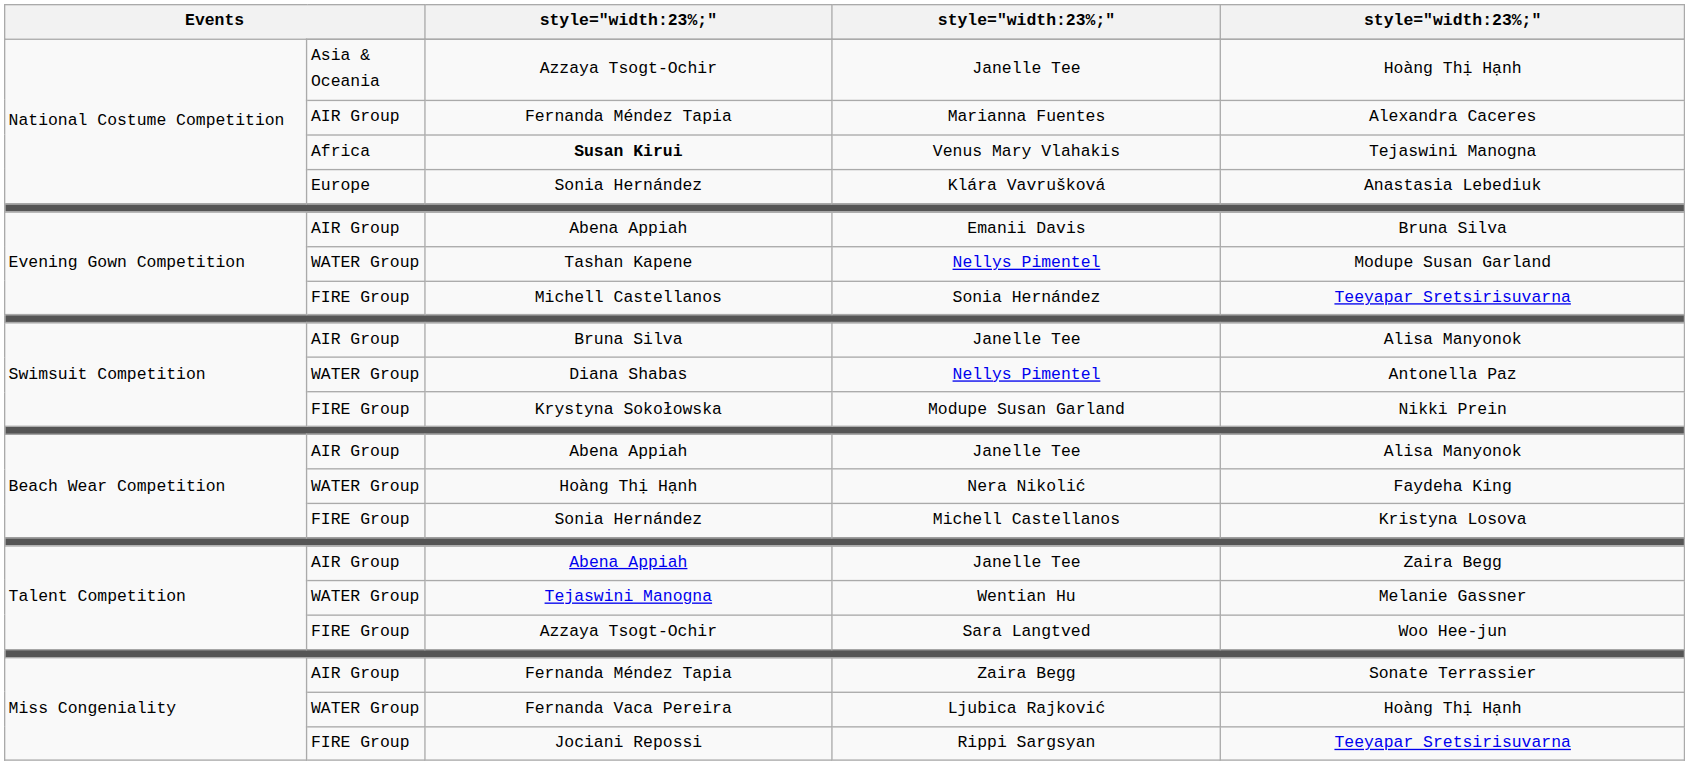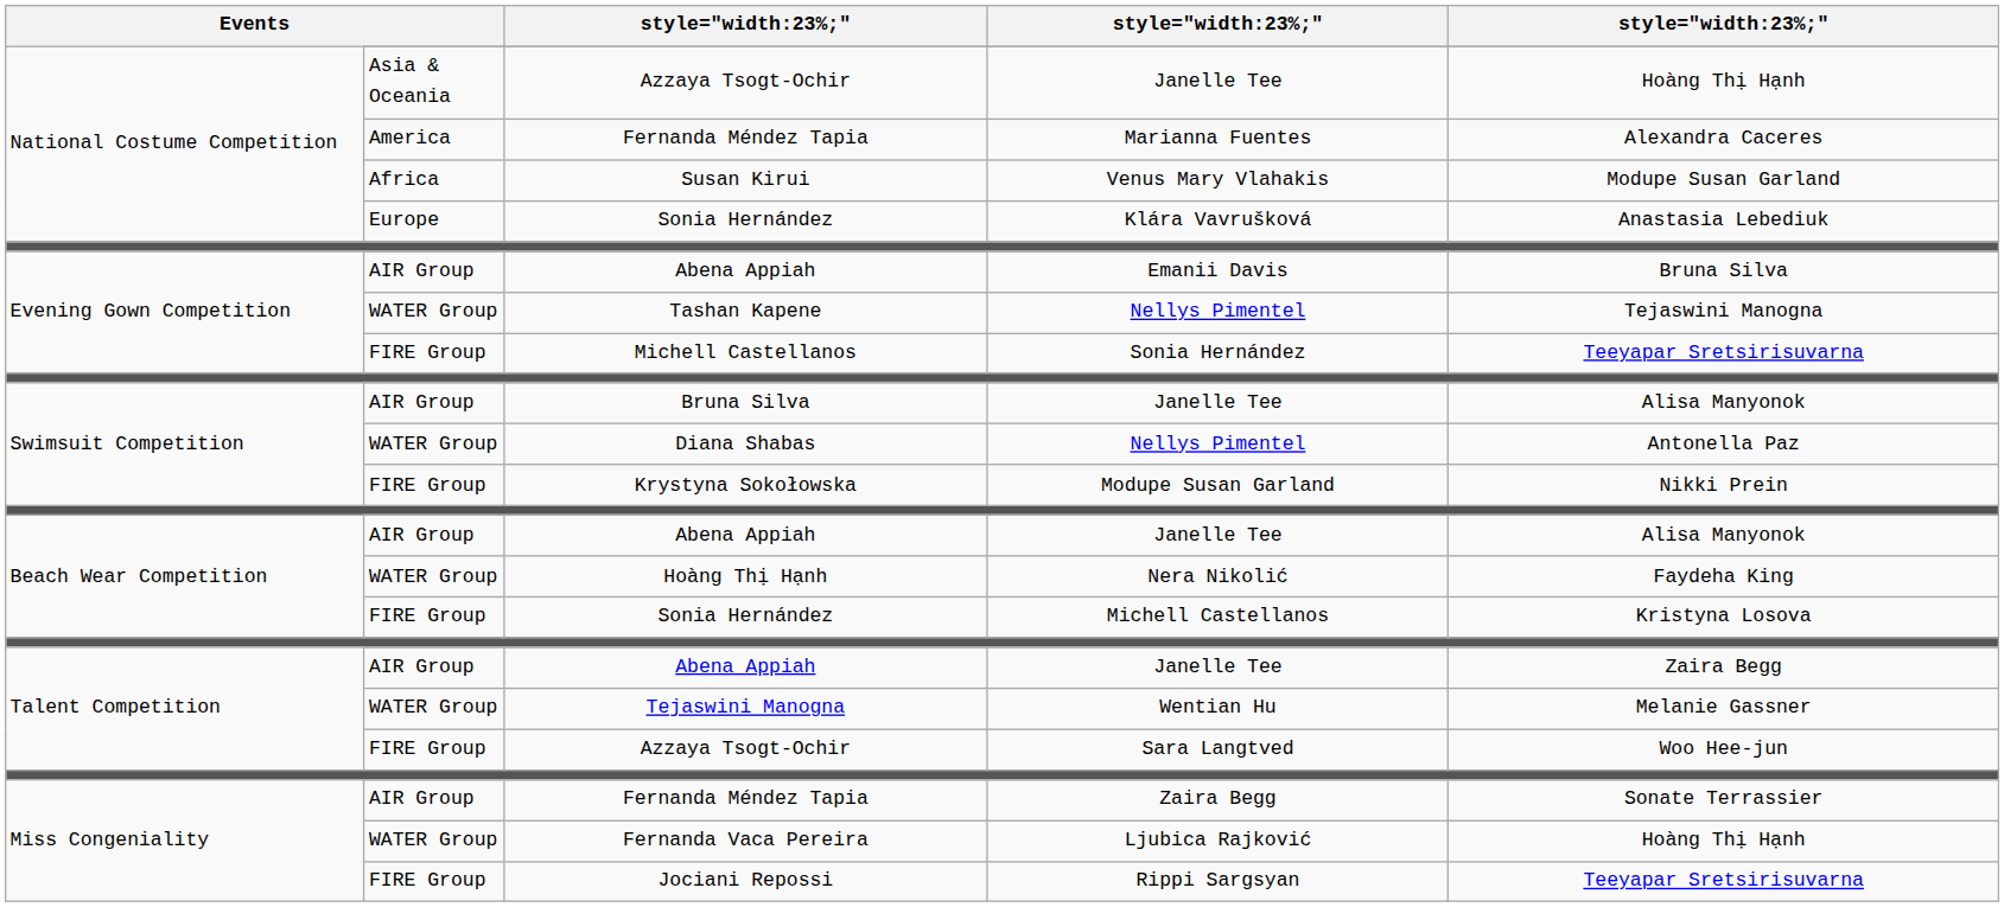 <table class="wikitable" style="line-height:20px; width:100%; font-size: 95%">
 <tr>
 <th colspan=2 style="width:25%;">Events</th>
 <th>style="width:23%;" </th>
 <th>style="width:23%;" </th>
 <th>style="width:23%;" </th>
 </tr>
 <tr>
 <td rowspan="5" scope="row" style="width:18%; ">National Costume Competition</td>
 </tr>
 <tr>
 <td>Asia & Oceania</td>
 <td align="center">Azzaya Tsogt-Ochir<br></td>
 <td align="center">Janelle Tee<br></td>
 <td align="center">Hoàng Thị Hạnh<br></td>
 </tr>
 <tr>
-<td>AIR Group</td>
+<td>America</td>
 <td align="center">Fernanda Méndez Tapia<br></td>
 <td align="center">Marianna Fuentes<br></td>
 <td align="center">Alexandra Caceres<br></td>
 </tr>
 <tr>
 <td>Africa</td>
-<td align="center"><strong>Susan Kirui<br></strong></td>
+<td align="center">Susan Kirui<br></td>
 <td align="center">Venus Mary Vlahakis<br></td>
-<td align="center">Tejaswini Manogna<br></td>
+<td align="center">Modupe Susan Garland<br></td>
 </tr>
 <tr>
 <td>Europe</td>
 <td align="center">Sonia Hernández<br></td>
 <td align="center">Klára Vavrušková<br></td>
 <td align="center">Anastasia Lebediuk<br></td>
 </tr>
 <tr bgcolor=#555>
 <td colspan=5></td>
 </tr>
 <tr>
 <td scope="row" rowspan=4 style="width:18%;">Evening Gown Competition</td>
 </tr>
 <tr>
 <td>AIR Group</td>
 <td align="center">Abena Appiah<br></td>
 <td align="center">Emanii Davis<br></td>
 <td align="center">Bruna Silva<br></td>
 </tr>
 <tr>
 <td>WATER Group</td>
 <td align="center">Tashan Kapene<br></td>
 <td align="center"><a href='#'>Nellys Pimentel</a><br></td>
-<td align="center">Modupe Susan Garland<br></td>
+<td align="center">Tejaswini Manogna<br></td>
 </tr>
 <tr>
 <td>FIRE Group</td>
 <td align="center">Michell Castellanos<br></td>
 <td align="center">Sonia Hernández<br></td>
 <td align="center"><a href='#'>Teeyapar Sretsirisuvarna</a><br></td>
 </tr>
 <tr bgcolor=#555>
 <td colspan=5></td>
 </tr>
 <tr>
 <td scope="row" rowspan=4 style="width:18%;">Swimsuit Competition</td>
 </tr>
 <tr>
 <td>AIR Group</td>
 <td align="center">Bruna Silva<br></td>
 <td align="center">Janelle Tee<br></td>
 <td align="center">Alisa Manyonok<br></td>
 </tr>
 <tr>
 <td>WATER Group</td>
 <td align="center">Diana Shabas<br></td>
 <td align="center"><a href='#'>Nellys Pimentel</a><br></td>
 <td align="center">Antonella Paz<br></td>
 </tr>
 <tr>
 <td>FIRE Group</td>
 <td align="center">Krystyna Sokołowska<br></td>
 <td align="center">Modupe Susan Garland<br></td>
 <td align="center">Nikki Prein<br></td>
 </tr>
 <tr bgcolor=#555>
 <td colspan=5></td>
 </tr>
 <tr>
 <td scope="row" rowspan=4 style="width:18%;">Beach Wear Competition</td>
 </tr>
 <tr>
 <td>AIR Group</td>
 <td align="center">Abena Appiah<br></td>
 <td align="center">Janelle Tee<br></td>
 <td align="center">Alisa Manyonok<br></td>
 </tr>
 <tr>
 <td>WATER Group</td>
 <td align="center">Hoàng Thị Hạnh<br></td>
 <td align="center">Nera Nikolić<br></td>
 <td align="center">Faydeha King<br></td>
 </tr>
 <tr>
 <td>FIRE Group</td>
 <td align="center">Sonia Hernández<br></td>
 <td align="center">Michell Castellanos<br></td>
 <td align="center">Kristyna Losova<br></td>
 </tr>
 <tr bgcolor=#555>
 <td colspan=5></td>
 </tr>
 <tr>
 <td scope="row" rowspan=4 style="width:18%;">Talent Competition</td>
 </tr>
 <tr>
 <td>AIR Group</td>
 <td align="center"><a href='#'>Abena Appiah</a><br></td>
 <td align="center">Janelle Tee<br></td>
 <td align="center">Zaira Begg<br></td>
 </tr>
 <tr>
 <td>WATER Group</td>
 <td align="center"><a href='#'>Tejaswini Manogna</a><br></td>
 <td align="center">Wentian Hu<br></td>
 <td align="center">Melanie Gassner<br></td>
 </tr>
 <tr>
 <td>FIRE Group</td>
 <td align="center">Azzaya Tsogt-Ochir<br></td>
 <td align="center">Sara Langtved<br></td>
 <td align="center">Woo Hee-jun<br></td>
 </tr>
 <tr bgcolor=#555>
 <td colspan=5></td>
 </tr>
 <tr>
 <td scope="row" rowspan=4 style="width:18%;">Miss Congeniality</td>
 </tr>
 <tr>
 <td>AIR Group</td>
 <td align="center">Fernanda Méndez Tapia<br></td>
 <td align="center">Zaira Begg<br></td>
 <td align="center">Sonate Terrassier<br></td>
 </tr>
 <tr>
 <td>WATER Group</td>
 <td align="center">Fernanda Vaca Pereira<br></td>
 <td align="center">Ljubica Rajković<br></td>
 <td align="center">Hoàng Thị Hạnh<br></td>
 </tr>
 <tr>
 <td>FIRE Group</td>
 <td align="center">Jociani Repossi<br></td>
 <td align="center">Rippi Sargsyan<br></td>
 <td align="center"><a href='#'>Teeyapar Sretsirisuvarna</a><br></td>
 </tr>
 </table>
